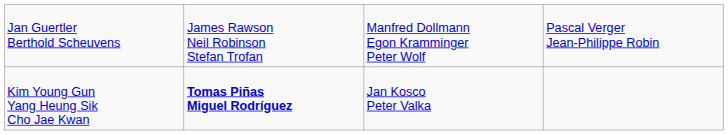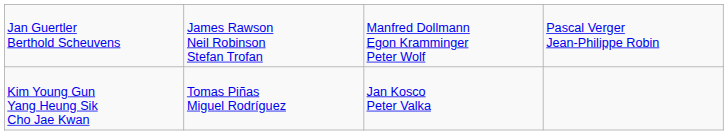 <table class="wikitable">
 <tr>
 <td style="vertical-align:top; width:220px"><br><a href='#'>Jan Guertler</a><br><a href='#'>Berthold Scheuvens</a></td>
 <td style="vertical-align:top; width:220px"><br><a href='#'>James Rawson</a><br><a href='#'>Neil Robinson</a><br><a href='#'>Stefan Trofan</a></td>
 <td style="vertical-align:top; width:220px"><br><a href='#'>Manfred Dollmann</a><br><a href='#'>Egon Kramminger</a><br><a href='#'>Peter Wolf</a></td>
 <td style="vertical-align:top; width:220px"><br><a href='#'>Pascal Verger</a><br><a href='#'>Jean-Philippe Robin</a></td>
 </tr>
 <tr>
 <td style="vertical-align:top; width:220px"><br><a href='#'>Kim Young Gun</a><br><a href='#'>Yang Heung Sik</a><br><a href='#'>Cho Jae Kwan</a></td>
-<td style="vertical-align:top; width:220px"><strong><br><a href='#'>Tomas Piñas</a><br><a href='#'>Miguel Rodríguez</a></strong></td>
+<td style="vertical-align:top; width:220px"><br><a href='#'>Tomas Piñas</a><br><a href='#'>Miguel Rodríguez</a></td>
 <td style="vertical-align:top; width:220px"><br><a href='#'>Jan Kosco</a><br><a href='#'>Peter Valka</a></td>
 </tr>
 </table>
